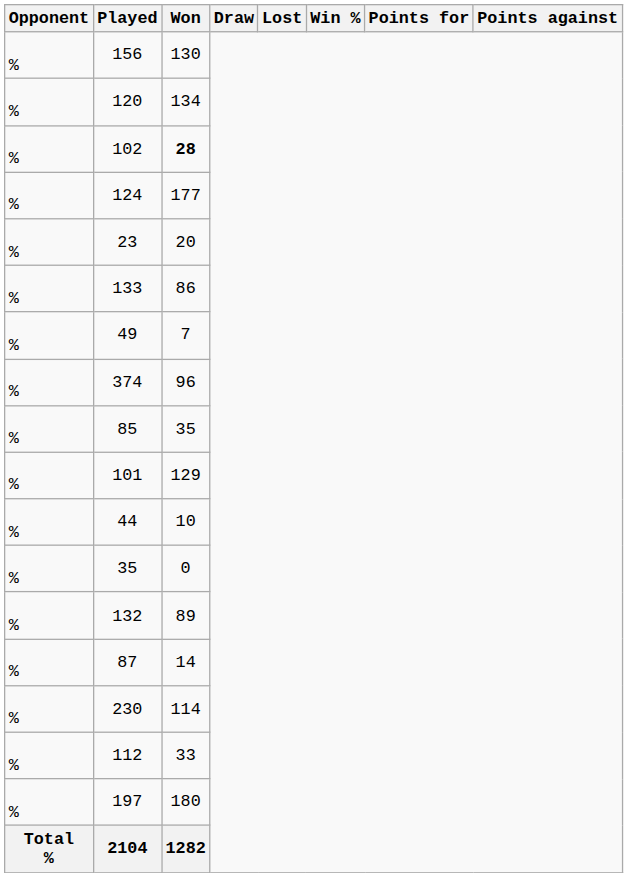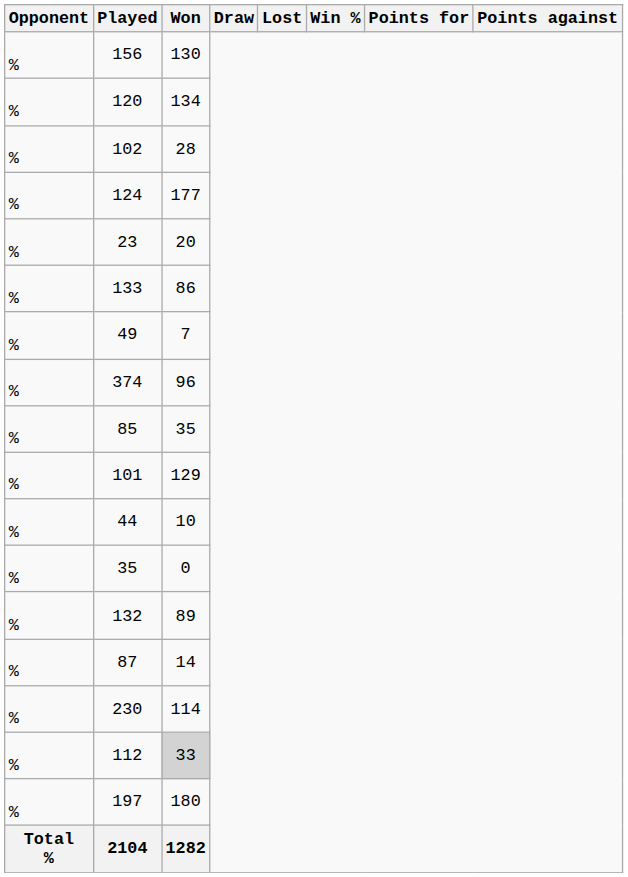 <table class="wikitable sortable" style="text-align:center">
 <tr>
 <th>Opponent</th>
 <th>Played</th>
 <th>Won</th>
 <th>Draw</th>
 <th>Lost</th>
 <th>Win %</th>
 <th>Points for</th>
 <th>Points against</th>
 </tr>
 <tr>
 <td align=left><br>%</td>
 <td>156</td>
 <td>130</td>
 </tr>
 <tr>
 <td align=left><br>%</td>
 <td>120</td>
 <td>134</td>
 </tr>
 <tr>
 <td align=left><br>%</td>
 <td>102</td>
-<td><strong>28</strong></td>
+<td>28</td>
 </tr>
 <tr>
 <td align=left><br>%</td>
 <td>124</td>
 <td>177</td>
 </tr>
 <tr>
 <td align=left><br>%</td>
 <td>23</td>
 <td>20</td>
 </tr>
 <tr>
 <td align=left><br>%</td>
 <td>133</td>
 <td>86</td>
 </tr>
 <tr>
 <td align=left><br>%</td>
 <td>49</td>
 <td>7</td>
 </tr>
 <tr>
 <td align=left><br>%</td>
 <td>374</td>
 <td>96</td>
 </tr>
 <tr>
 <td align=left><br>%</td>
 <td>85</td>
 <td>35</td>
 </tr>
 <tr>
 <td align=left><br>%</td>
 <td>101</td>
 <td>129</td>
 </tr>
 <tr>
 <td align=left><br>%</td>
 <td>44</td>
 <td>10</td>
 </tr>
 <tr>
 <td align=left><br>%</td>
 <td>35</td>
 <td>0</td>
 </tr>
 <tr>
 <td align=left><br>%</td>
 <td>132</td>
 <td>89</td>
 </tr>
 <tr>
 <td align=left><br>%</td>
 <td>87</td>
 <td>14</td>
 </tr>
 <tr>
 <td align=left><br>%</td>
 <td>230</td>
 <td>114</td>
 </tr>
 <tr>
 <td align=left><br>%</td>
 <td>112</td>
-<td>33</td>
+<td style="background: lightgrey;">33</td>
 </tr>
 <tr>
 <td align=left><br>%</td>
 <td>197</td>
 <td>180</td>
 </tr>
 <tr>
 <th>Total<br>%</th>
 <th>2104</th>
 <th>1282</th>
 </tr>
 </table>
